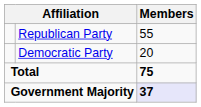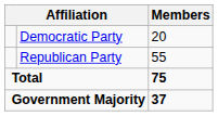 <table class="wikitable">
 <tr>
 <th colspan="2">Affiliation</th>
 <th>Members</th>
 </tr>
 <tr>
 <td style="background-color:"> </td>
-<td><a href='#'>Republican Party</a></td>
-<td>55</td>
+<td><a href='#'>Democratic Party</a></td>
+<td>20</td>
 </tr>
 <tr>
 <td style="background-color:"> </td>
-<td><a href='#'>Democratic Party</a></td>
-<td>20</td>
+<td><a href='#'>Republican Party</a></td>
+<td>55</td>
 </tr>
 <tr>
 <td colspan="2" rowspan="1"> <strong>Total</strong><br></td>
 <td><strong>75</strong></td>
 </tr>
 <tr>
 <td colspan="2" rowspan="1"> <strong>Government Majority</strong><br></td>
-<td style="background: lavender;"><strong>37</strong></td>
+<td><strong>37</strong></td>
 </tr>
 </table>
